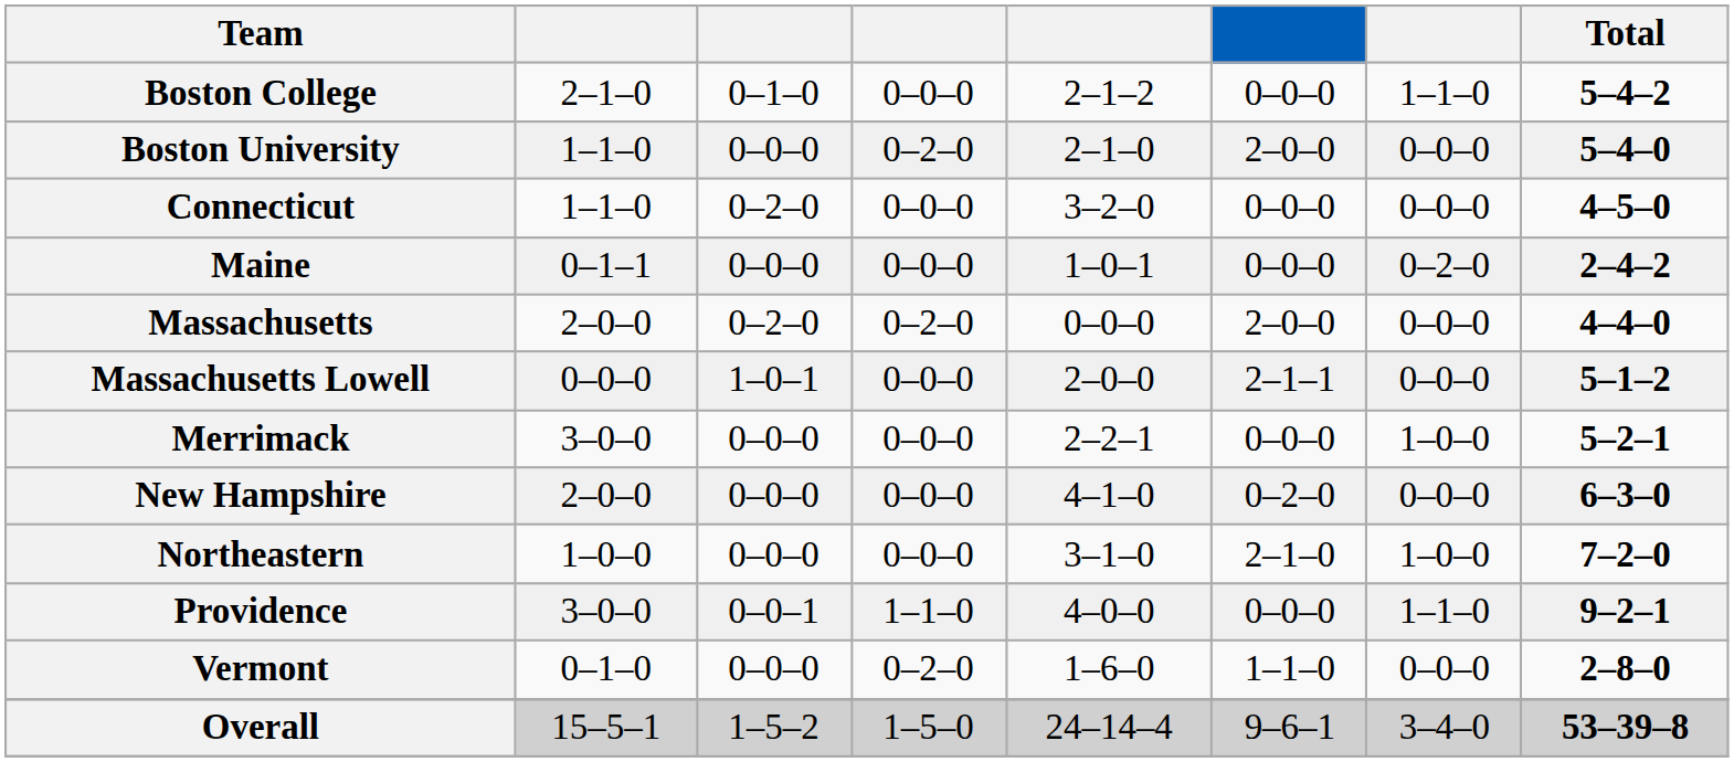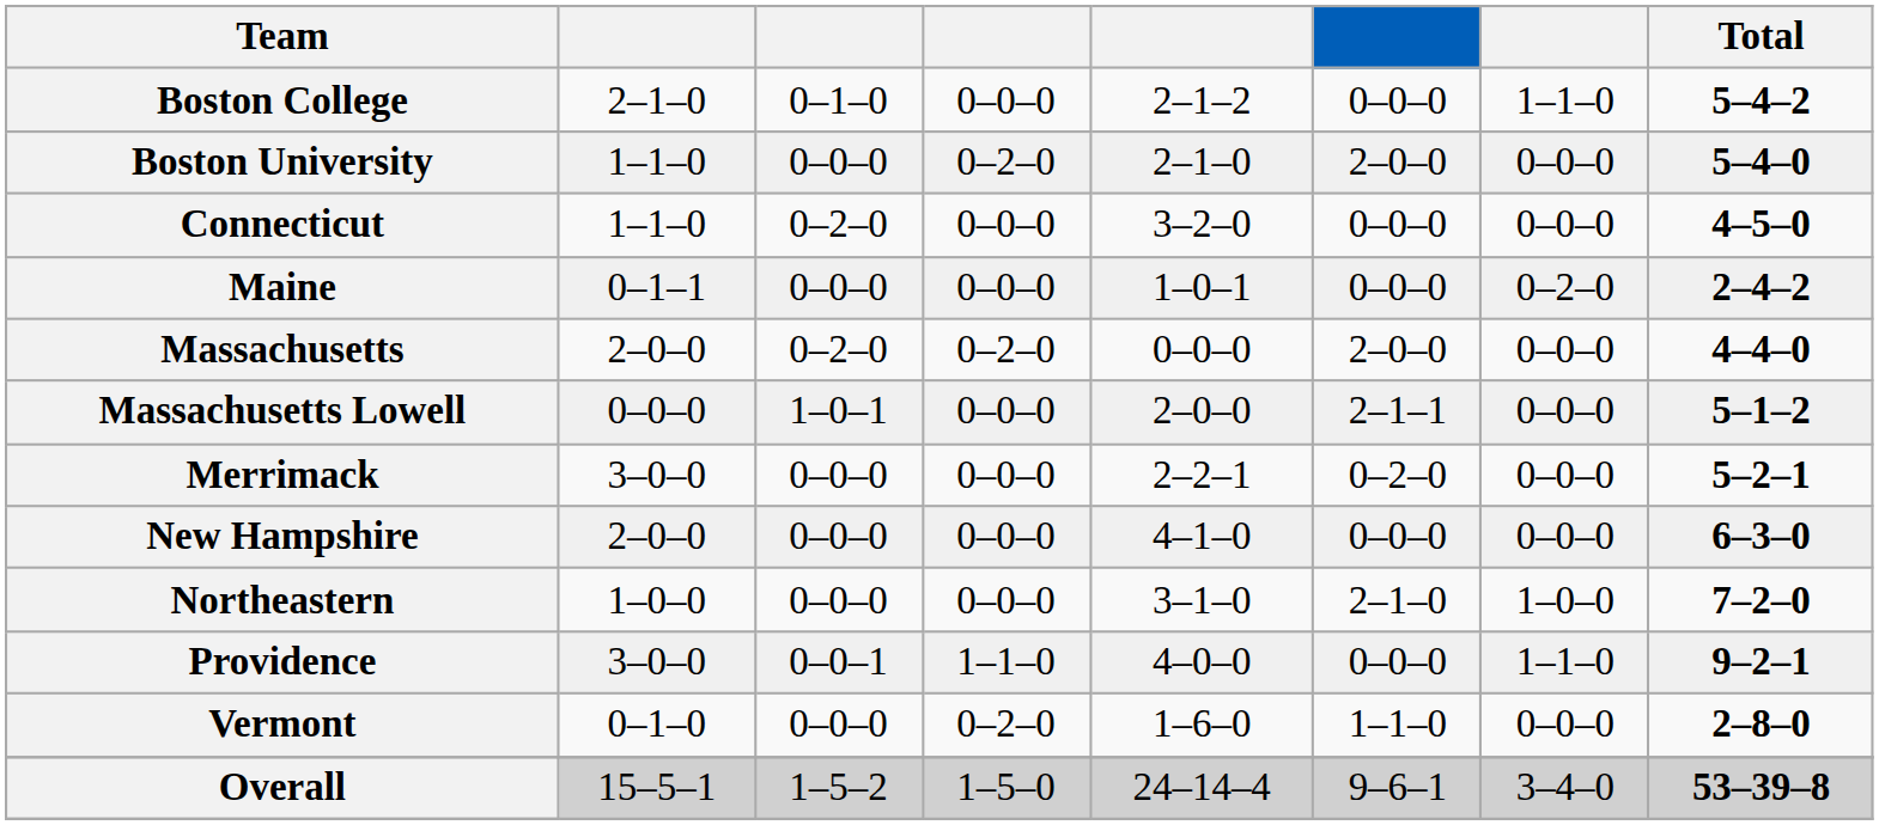 <table class="wikitable" style="text-align: center; "width=60%">
 <tr>
 <th>Team</th>
 <th><a href='#'></a></th>
 <th><a href='#'></a></th>
 <th><a href='#'></a></th>
 <th><a href='#'></a></th>
 <th style="color:white; background:#005EB8"><a href='#'></a></th>
 <th><a href='#'></a></th>
 <th>Total</th>
 </tr>
 <tr>
 <th>Boston College</th>
 <td>2–1–0</td>
 <td>0–1–0</td>
 <td>0–0–0</td>
 <td>2–1–2</td>
 <td>0–0–0</td>
 <td>1–1–0</td>
 <td><strong>5–4–2</strong></td>
 </tr>
 <tr bgcolor=f0f0f0>
 <th>Boston University</th>
 <td>1–1–0</td>
 <td>0–0–0</td>
 <td>0–2–0</td>
 <td>2–1–0</td>
 <td>2–0–0</td>
 <td>0–0–0</td>
 <td><strong>5–4–0</strong></td>
 </tr>
 <tr>
 <th>Connecticut</th>
 <td>1–1–0</td>
 <td>0–2–0</td>
 <td>0–0–0</td>
 <td>3–2–0</td>
 <td>0–0–0</td>
 <td>0–0–0</td>
 <td><strong>4–5–0</strong></td>
 </tr>
 <tr bgcolor=f0f0f0>
 <th>Maine</th>
 <td>0–1–1</td>
 <td>0–0–0</td>
 <td>0–0–0</td>
 <td>1–0–1</td>
 <td>0–0–0</td>
 <td>0–2–0</td>
 <td><strong>2–4–2</strong></td>
 </tr>
 <tr>
 <th>Massachusetts</th>
 <td>2–0–0</td>
 <td>0–2–0</td>
 <td>0–2–0</td>
 <td>0–0–0</td>
 <td>2–0–0</td>
 <td>0–0–0</td>
 <td><strong>4–4–0</strong></td>
 </tr>
 <tr bgcolor=f0f0f0>
 <th>Massachusetts Lowell</th>
 <td>0–0–0</td>
 <td>1–0–1</td>
 <td>0–0–0</td>
 <td>2–0–0</td>
 <td>2–1–1</td>
 <td>0–0–0</td>
 <td><strong>5–1–2</strong></td>
 </tr>
 <tr>
 <th>Merrimack</th>
 <td>3–0–0</td>
 <td>0–0–0</td>
 <td>0–0–0</td>
 <td>2–2–1</td>
+<td>0–2–0</td>
 <td>0–0–0</td>
-<td>1–0–0</td>
 <td><strong>5–2–1</strong></td>
 </tr>
 <tr bgcolor=f0f0f0>
 <th>New Hampshire</th>
 <td>2–0–0</td>
 <td>0–0–0</td>
 <td>0–0–0</td>
 <td>4–1–0</td>
-<td>0–2–0</td>
+<td>0–0–0</td>
 <td>0–0–0</td>
 <td><strong>6–3–0</strong></td>
 </tr>
 <tr>
 <th>Northeastern</th>
 <td>1–0–0</td>
 <td>0–0–0</td>
 <td>0–0–0</td>
 <td>3–1–0</td>
 <td>2–1–0</td>
 <td>1–0–0</td>
 <td><strong>7–2–0</strong></td>
 </tr>
 <tr bgcolor=f0f0f0>
 <th>Providence</th>
 <td>3–0–0</td>
 <td>0–0–1</td>
 <td>1–1–0</td>
 <td>4–0–0</td>
 <td>0–0–0</td>
 <td>1–1–0</td>
 <td><strong>9–2–1</strong></td>
 </tr>
 <tr>
 <th>Vermont</th>
 <td>0–1–0</td>
 <td>0–0–0</td>
 <td>0–2–0</td>
 <td>1–6–0</td>
 <td>1–1–0</td>
 <td>0–0–0</td>
 <td><strong>2–8–0</strong></td>
 </tr>
 <tr>
 </tr>
 <tr bgcolor=d0d0d0>
 <th>Overall</th>
 <td>15–5–1</td>
 <td>1–5–2</td>
 <td>1–5–0</td>
 <td>24–14–4</td>
 <td>9–6–1</td>
 <td>3–4–0</td>
 <td><strong>53–39–8</strong></td>
 </tr>
 <tr>
 </tr>
 </table>
